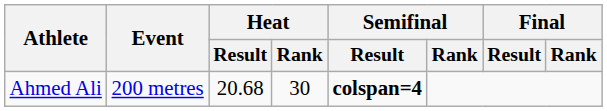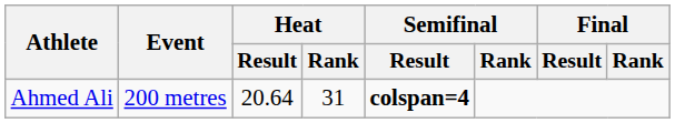 <table class="wikitable" style="font-size:90%">
 <tr>
 <th rowspan="2">Athlete</th>
 <th rowspan="2">Event</th>
 <th colspan="2">Heat</th>
 <th colspan="2">Semifinal</th>
 <th colspan="2">Final</th>
 </tr>
 <tr style="font-size:95%">
 <th>Result</th>
 <th>Rank</th>
 <th>Result</th>
 <th>Rank</th>
 <th>Result</th>
 <th>Rank</th>
 </tr>
 <tr style=text-align:center>
 <td style=text-align:left><a href='#'>Ahmed Ali</a></td>
 <td style=text-align:left><a href='#'>200 metres</a></td>
-<td>20.68</td>
-<td>30</td>
+<td>20.64</td>
+<td>31</td>
 <td><strong>colspan=4 </strong></td>
 </tr>
 </table>
